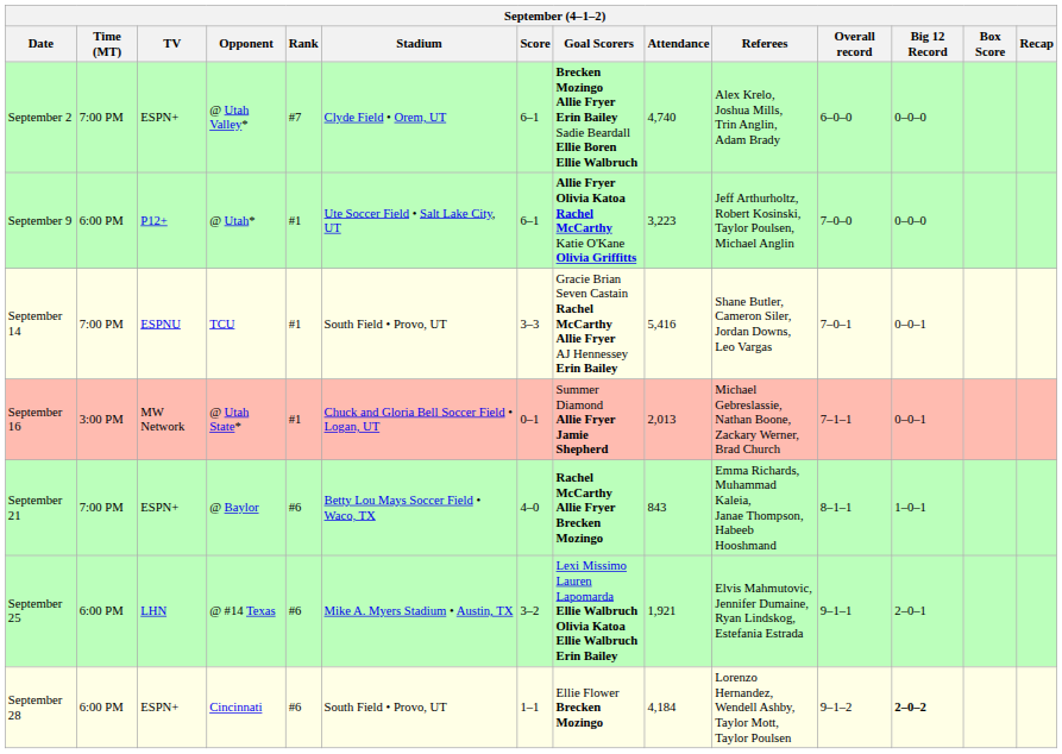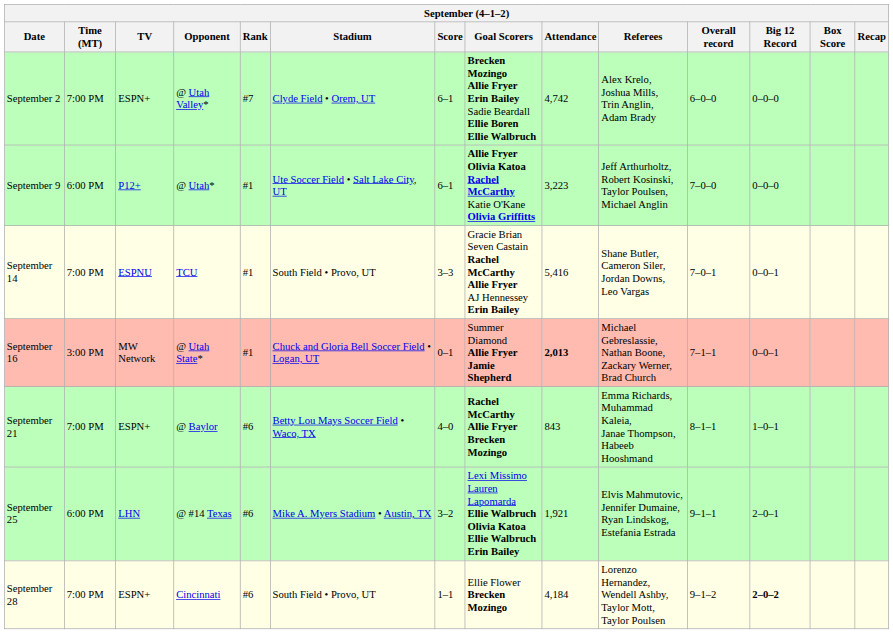 <table class="wikitable collapsible collapsed" style="margin:auto; font-size:95%; width:100%">
 <tr>
 <th colspan=14 style="padding-left:4em;">September (4–1–2)</th>
 </tr>
 <tr>
 <th>Date</th>
 <th>Time (MT)</th>
 <th>TV</th>
 <th>Opponent</th>
 <th>Rank</th>
 <th>Stadium</th>
 <th>Score</th>
 <th>Goal Scorers</th>
 <th>Attendance</th>
 <th>Referees</th>
 <th>Overall record</th>
 <th>Big 12 Record</th>
 <th>Box Score</th>
 <th>Recap</th>
 </tr>
 <tr bgcolor=bbffbb>
 <td>September 2</td>
 <td>7:00 PM</td>
 <td>ESPN+</td>
 <td>@ <a href='#'>Utah Valley</a>*</td>
 <td>#7</td>
 <td><a href='#'>Clyde Field</a> • <a href='#'>Orem, UT</a></td>
 <td>6–1</td>
 <td><strong>Brecken Mozingo</strong>  <br> <strong>Allie Fryer</strong>  <br> <strong>Erin Bailey</strong>  <br>  Sadie Beardall <br> <strong>Ellie Boren</strong>  <br> <strong>Ellie Walbruch</strong> </td>
-<td>4,740</td>
+<td>4,742</td>
 <td>Alex Krelo, <br> Joshua Mills, <br> Trin Anglin, <br> Adam Brady</td>
 <td>6–0–0</td>
 <td>0–0–0</td>
 <td></td>
 <td></td>
 </tr>
 <tr bgcolor=bbffbb>
 <td>September 9</td>
 <td>6:00 PM</td>
 <td><a href='#'>P12+</a></td>
 <td>@ <a href='#'>Utah</a>*</td>
 <td>#1</td>
 <td><a href='#'>Ute Soccer Field</a> • <a href='#'>Salt Lake City</a>, <a href='#'>UT</a></td>
 <td>6–1</td>
 <td><strong>Allie Fryer</strong>  <br> <strong>Olivia Katoa</strong>  <br> <strong><a href='#'>Rachel McCarthy</a></strong>  <br>  Katie O'Kane <br> <strong><a href='#'>Olivia Griffitts</a></strong> </td>
 <td>3,223</td>
 <td>Jeff Arthurholtz, <br> Robert Kosinski, <br> Taylor Poulsen, <br> Michael Anglin</td>
 <td>7–0–0</td>
 <td>0–0–0</td>
 <td></td>
 <td></td>
 </tr>
 <tr bgcolor=ffffe6>
 <td>September 14</td>
 <td>7:00 PM</td>
 <td><a href='#'>ESPNU</a></td>
 <td><a href='#'>TCU</a></td>
 <td>#1</td>
 <td>South Field • Provo, UT</td>
 <td>3–3</td>
 <td> Gracie Brian <br>  Seven Castain <br> <strong>Rachel McCarthy</strong>  <br> <strong>Allie Fryer</strong>  <br>  AJ Hennessey <br> <strong>Erin Bailey</strong> </td>
 <td>5,416</td>
 <td>Shane Butler, <br> Cameron Siler, <br> Jordan Downs, <br> Leo Vargas</td>
 <td>7–0–1</td>
 <td>0–0–1</td>
 <td></td>
 <td></td>
 </tr>
 <tr bgcolor=ffbbb>
 <td>September 16</td>
 <td>3:00 PM</td>
 <td>MW Network</td>
 <td>@ <a href='#'>Utah State</a>*</td>
 <td>#1</td>
 <td><a href='#'>Chuck and Gloria Bell Soccer Field</a> • <a href='#'>Logan, UT</a></td>
 <td>0–1</td>
 <td> Summer Diamond <br> <strong>Allie Fryer</strong>  <br> <strong>Jamie Shepherd</strong> </td>
-<td>2,013</td>
+<td><strong>2,013</strong></td>
 <td>Michael Gebreslassie, <br> Nathan Boone, <br> Zackary Werner, <br> Brad Church</td>
 <td>7–1–1</td>
 <td>0–0–1</td>
 <td></td>
 <td></td>
 </tr>
 <tr bgcolor=bbffbb>
 <td>September 21</td>
 <td>7:00 PM</td>
 <td>ESPN+</td>
 <td>@ <a href='#'>Baylor</a></td>
 <td>#6</td>
 <td><a href='#'>Betty Lou Mays Soccer Field</a> • <a href='#'>Waco, TX</a></td>
 <td>4–0</td>
 <td><strong>Rachel McCarthy</strong>  <br> <strong>Allie Fryer</strong>  <br> <strong>Brecken Mozingo</strong>  <br></td>
 <td>843</td>
 <td>Emma Richards, <br> Muhammad Kaleia, <br> Janae Thompson, <br> Habeeb Hooshmand</td>
 <td>8–1–1</td>
 <td>1–0–1</td>
 <td></td>
 <td></td>
 </tr>
 <tr bgcolor=bbffbb>
 <td>September 25</td>
 <td>6:00 PM</td>
 <td><a href='#'>LHN</a></td>
 <td>@ #14 <a href='#'>Texas</a></td>
 <td>#6</td>
 <td><a href='#'>Mike A. Myers Stadium</a> • <a href='#'>Austin, TX</a></td>
 <td>3–2</td>
 <td> <a href='#'>Lexi Missimo</a> <br>  <a href='#'>Lauren Lapomarda</a> <br> <strong>Ellie Walbruch</strong>  <br> <strong>Olivia Katoa</strong>  <br> <strong>Ellie Walbruch</strong>  <br> <strong>Erin Bailey</strong> </td>
 <td>1,921</td>
 <td>Elvis Mahmutovic, <br> Jennifer Dumaine, <br> Ryan Lindskog, <br> Estefania Estrada</td>
 <td>9–1–1</td>
 <td>2–0–1</td>
 <td></td>
 <td></td>
 </tr>
 <tr bgcolor=ffffe6>
 <td>September 28</td>
-<td>6:00 PM</td>
+<td>7:00 PM</td>
 <td>ESPN+</td>
 <td><a href='#'>Cincinnati</a></td>
 <td>#6</td>
 <td>South Field • Provo, UT</td>
 <td>1–1</td>
 <td> Ellie Flower <br> <strong>Brecken Mozingo</strong> </td>
 <td>4,184</td>
 <td>Lorenzo Hernandez, <br> Wendell Ashby, <br> Taylor Mott, <br> Taylor Poulsen</td>
 <td>9–1–2</td>
 <td><strong>2–0–2</strong></td>
 <td></td>
 <td></td>
 </tr>
 </table>
